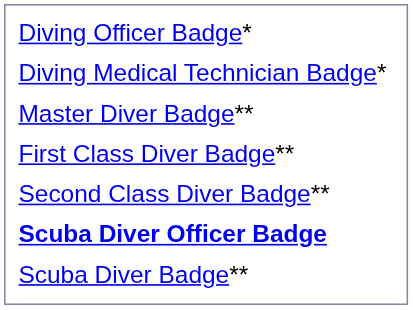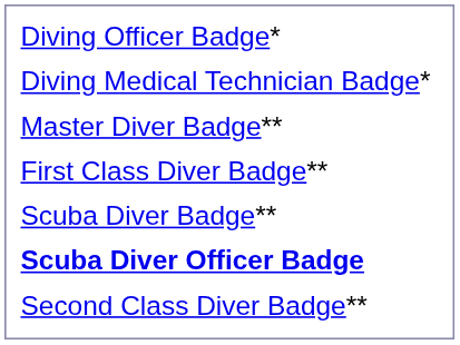 <table style="border:1px solid #8888aa; padding:5px; font-size:95%; float: left; margin: 0px 12px 12px 0px;">
 <tr>
 <td align="left"><a href='#'>Diving Officer Badge</a>*</td>
 <td align="center"></td>
 </tr>
 <tr>
 <td></td>
 </tr>
 <tr>
 <td align="left"><a href='#'>Diving Medical Technician Badge</a>*</td>
 <td align="center"></td>
 </tr>
 <tr>
 <td></td>
 </tr>
 <tr>
 <td align="left"><a href='#'>Master Diver Badge</a>**</td>
 <td align="center"></td>
 </tr>
 <tr>
 <td></td>
 </tr>
 <tr>
 <td align="left"><a href='#'>First Class Diver Badge</a>**</td>
 <td align="center"></td>
 </tr>
 <tr>
 <td></td>
 </tr>
 <tr>
-<td align="left"><a href='#'>Second Class Diver Badge</a>**</td>
+<td align="left"><a href='#'>Scuba Diver Badge</a>**</td>
 <td align="center"></td>
 </tr>
 <tr>
 <td></td>
 </tr>
 <tr>
 <td align="left"><strong><a href='#'>Scuba Diver Officer Badge</a></strong></td>
 <td align="center"></td>
 </tr>
 <tr>
 <td></td>
 </tr>
 <tr>
-<td align="left"><a href='#'>Scuba Diver Badge</a>**</td>
+<td align="left"><a href='#'>Second Class Diver Badge</a>**</td>
 <td align="center"></td>
 </tr>
 <tr>
 </tr>
 </table>
